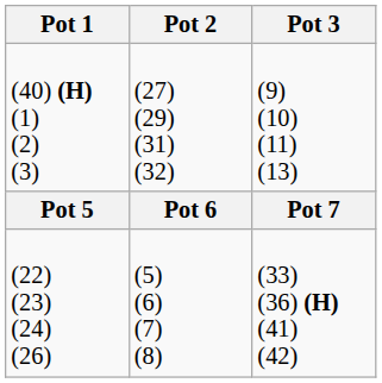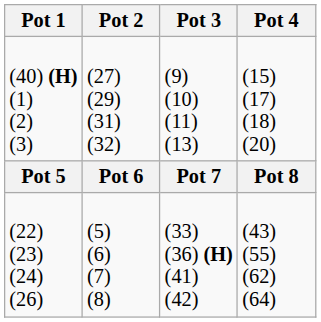 <table class="wikitable">
 <tr>
 <th width=25%>Pot 1</th>
 <th width=25%>Pot 2</th>
 <th width=25%>Pot 3</th>
+<th width=25%>Pot 4</th>
 </tr>
 <tr>
 <td><br> (40) <strong>(H)</strong><br>  (1)<br>  (2)<br>  (3)<br></td>
 <td><br> (27)<br>  (29)<br>  (31)<br>  (32)<br></td>
 <td><br> (9)<br>  (10)<br>  (11)<br>  (13)<br></td>
+<td><br> (15)<br>  (17)<br>  (18)<br>  (20)<br></td>
 </tr>
 <tr>
 <th width=25%>Pot 5</th>
 <th width=25%>Pot 6</th>
 <th width=25%>Pot 7</th>
+<th width=25%>Pot 8</th>
 </tr>
 <tr>
 <td><br> (22)<br>  (23)<br>  (24)<br>  (26)<br></td>
 <td><br> (5)<br>  (6)<br>  (7)<br>  (8)<br></td>
 <td><br> (33)<br>  (36) <strong>(H)</strong><br>  (41)<br>  (42)<br></td>
+<td><br> (43)<br>  (55)<br>  (62)<br>  (64)<br></td>
 </tr>
 </table>
